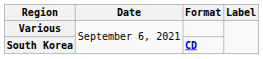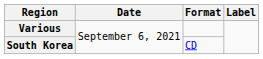 <table class="wikitable plainrowheaders">
 <tr>
 <th>Region</th>
 <th>Date</th>
 <th>Format</th>
 <th>Label</th>
 </tr>
 <tr>
 <th scope="row">Various</th>
 <td rowspan="2">September 6, 2021</td>
 <td></td>
 <td rowspan="2"></td>
 </tr>
 <tr>
 <th scope="row">South Korea</th>
-<td><strong><a href='#'>CD</a></strong></td>
+<td><a href='#'>CD</a></td>
 </tr>
 </table>
